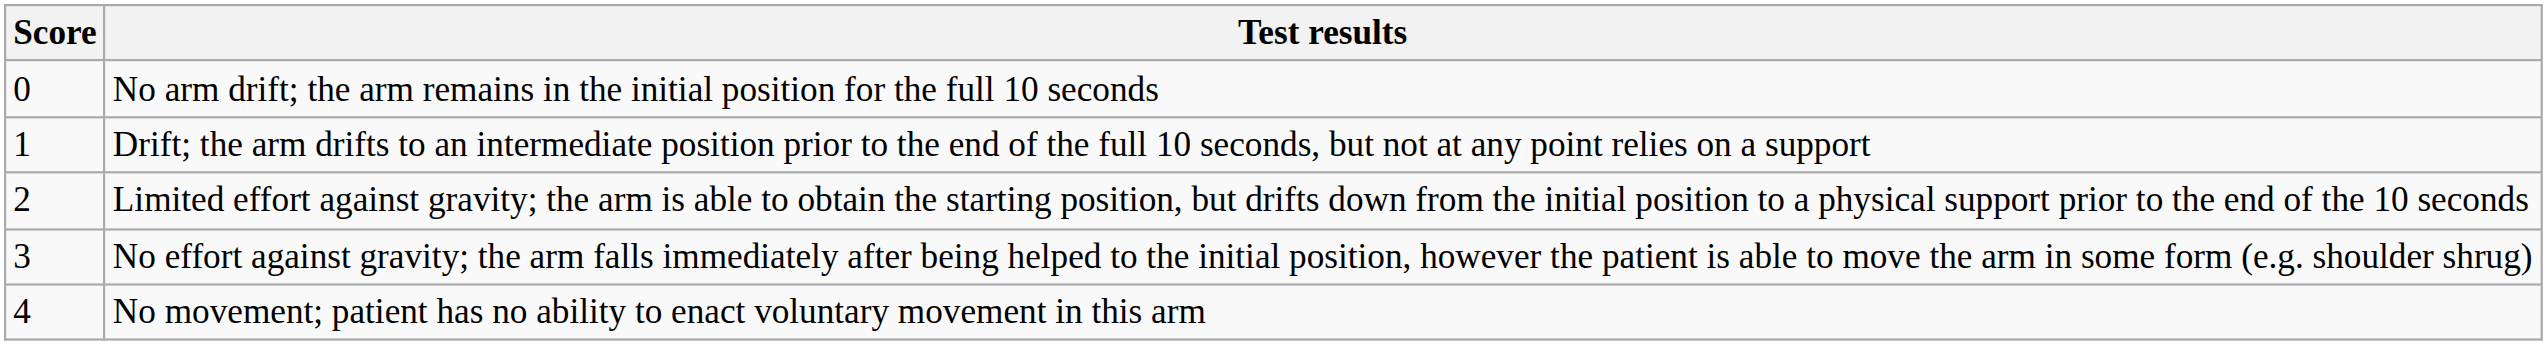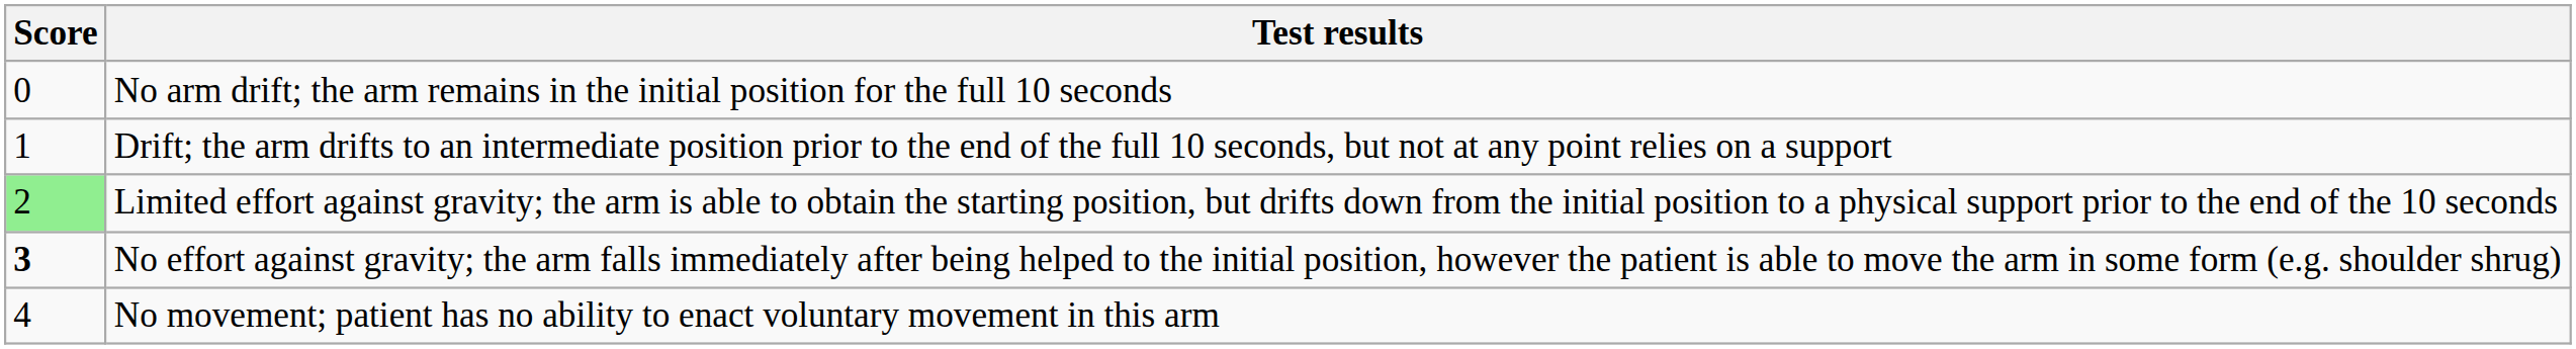 <table class="wikitable">
 <tr>
 <th>Score</th>
 <th>Test results</th>
 </tr>
 <tr>
 <td>0</td>
 <td>No arm drift; the arm remains in the initial position for the full 10 seconds</td>
 </tr>
 <tr>
 <td>1</td>
 <td>Drift; the arm drifts to an intermediate position prior to the end of the full 10 seconds, but not at any point relies on a support</td>
 </tr>
 <tr>
-<td>2</td>
+<td style="background: lightgreen;">2</td>
 <td>Limited effort against gravity; the arm is able to obtain the starting position, but drifts down from the initial position to a physical support prior to the end of the 10 seconds</td>
 </tr>
 <tr>
-<td>3</td>
+<td><strong>3</strong></td>
 <td>No effort against gravity; the arm falls immediately after being helped to the initial position, however the patient is able to move the arm in some form (e.g. shoulder shrug)</td>
 </tr>
 <tr>
 <td>4</td>
 <td>No movement; patient has no ability to enact voluntary movement in this arm</td>
 </tr>
 </table>
